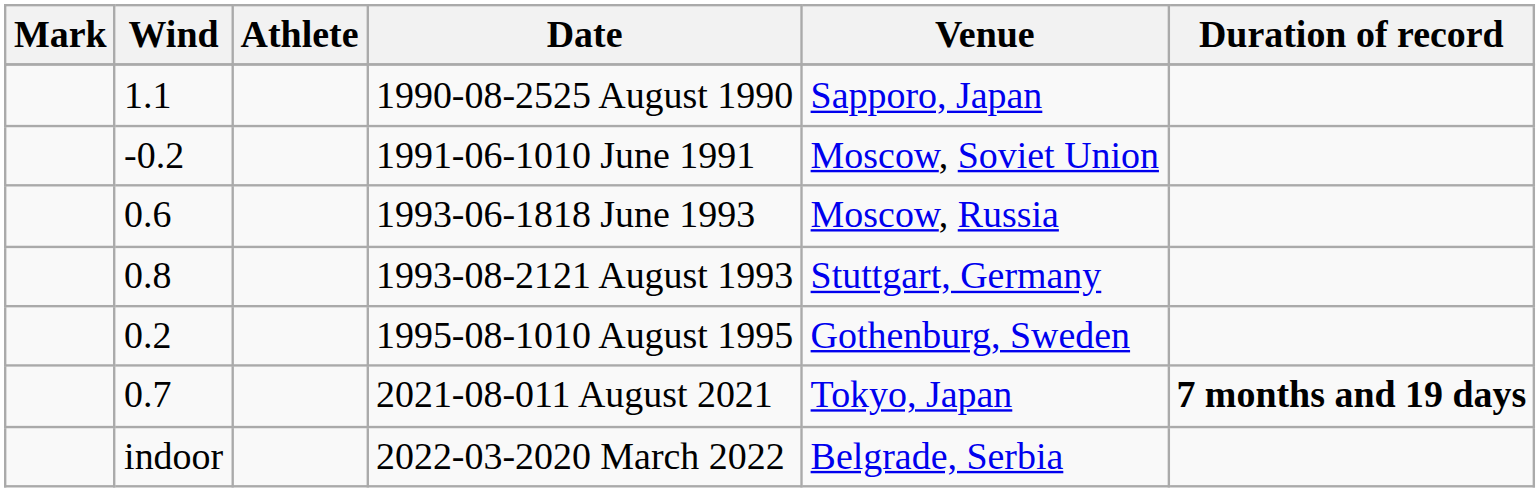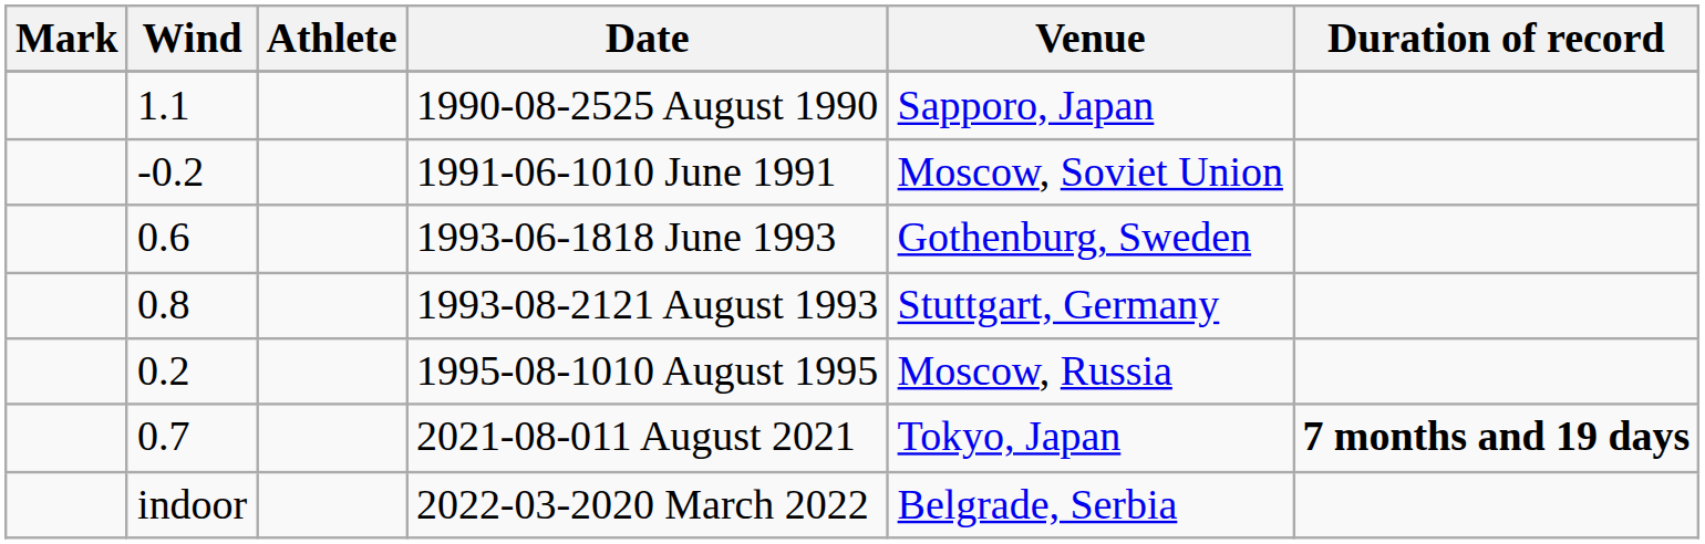 <table class="wikitable sortable">
 <tr>
 <th>Mark</th>
 <th>Wind</th>
 <th>Athlete</th>
 <th>Date</th>
 <th>Venue</th>
 <th data-sort-type="number">Duration of record</th>
 </tr>
 <tr valign="top">
 </tr>
 <tr>
 <td align=center><strong></strong></td>
 <td>1.1</td>
 <td></td>
 <td><span>1990-08-25</span>25 August 1990</td>
 <td><a href='#'>Sapporo, Japan</a></td>
 <td></td>
 </tr>
 <tr>
 <td align=center><strong></strong></td>
 <td>-0.2</td>
 <td></td>
 <td><span>1991-06-10</span>10 June 1991</td>
 <td><a href='#'>Moscow</a>, <a href='#'>Soviet Union</a></td>
 <td></td>
 </tr>
 <tr>
 <td align=center><strong></strong></td>
 <td>0.6</td>
 <td></td>
 <td><span>1993-06-18</span>18 June 1993</td>
-<td><a href='#'>Moscow</a>, <a href='#'>Russia</a></td>
+<td><a href='#'>Gothenburg, Sweden</a></td>
 <td></td>
 </tr>
 <tr>
 <td align=center><strong></strong></td>
 <td>0.8</td>
 <td></td>
 <td><span>1993-08-21</span>21 August 1993</td>
 <td><a href='#'>Stuttgart, Germany</a></td>
 <td></td>
 </tr>
 <tr>
 <td align=center><strong></strong></td>
 <td>0.2</td>
 <td></td>
 <td><span>1995-08-10</span>10 August 1995</td>
-<td><a href='#'>Gothenburg, Sweden</a></td>
+<td><a href='#'>Moscow</a>, <a href='#'>Russia</a></td>
 <td></td>
 </tr>
 <tr>
 <td align=center><strong></strong></td>
 <td>0.7</td>
 <td></td>
 <td><span>2021-08-01</span>1 August 2021</td>
 <td><a href='#'>Tokyo, Japan</a></td>
 <td><strong>7 months and 19 days</strong></td>
 </tr>
 <tr>
 <td align=center><strong></strong></td>
 <td>indoor</td>
 <td></td>
 <td><span>2022-03-20</span>20 March 2022</td>
 <td><a href='#'>Belgrade, Serbia</a></td>
 <td></td>
 </tr>
 </table>
